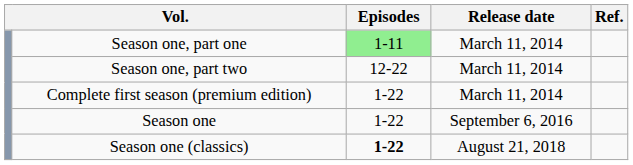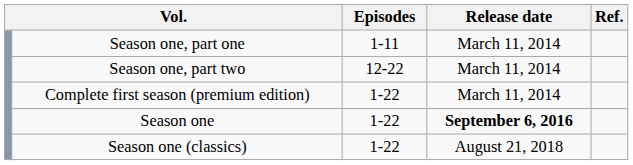 <table class="wikitable" style="text-align: center; width: 98%;">
 <tr>
 <th colspan="2">Vol.</th>
 <th>Episodes</th>
 <th>Release date</th>
 <th width="5%">Ref.</th>
 </tr>
 <tr>
 <td rowspan="13" style="background: #8697AC;" width="1%"></td>
 <td>Season one, part one</td>
-<td style="background: lightgreen;">1-11</td>
+<td>1-11</td>
 <td>March 11, 2014</td>
 <td></td>
 </tr>
 <tr>
 <td>Season one, part two</td>
 <td>12-22</td>
 <td>March 11, 2014</td>
 <td></td>
 </tr>
 <tr>
 <td>Complete first season (premium edition)</td>
 <td>1-22</td>
 <td>March 11, 2014</td>
 <td></td>
 </tr>
 <tr>
 <td>Season one</td>
 <td>1-22</td>
-<td>September 6, 2016</td>
+<td><strong>September 6, 2016</strong></td>
 <td></td>
 </tr>
 <tr>
 <td>Season one (classics)</td>
-<td><strong>1-22</strong></td>
+<td>1-22</td>
 <td>August 21, 2018</td>
 <td></td>
 </tr>
 </table>
